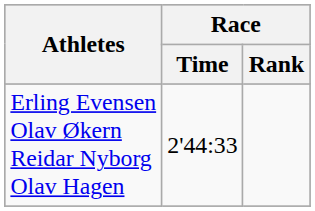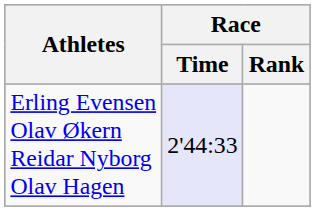 <table class="wikitable" border="1" style="font-size:90%">
 <tr>
 <th rowspan=2>Athletes</th>
 <th colspan=2>Race</th>
 </tr>
 <tr>
 <th>Time</th>
 <th>Rank</th>
 </tr>
 <tr>
 <td><a href='#'>Erling Evensen</a><br><a href='#'>Olav Økern</a><br><a href='#'>Reidar Nyborg</a><br><a href='#'>Olav Hagen</a></td>
-<td align=center>2'44:33</td>
+<td align=center style="background: lavender;">2'44:33</td>
 <td align=center></td>
 </tr>
 </table>
